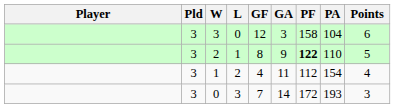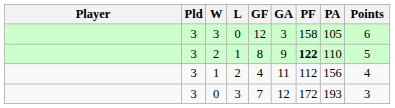 <table class=wikitable style="text-align:center">
 <tr>
 <th width=220>Player</th>
 <th width=20>Pld</th>
 <th width=20>W</th>
 <th width=20>L</th>
 <th width=20>GF</th>
 <th width=20>GA</th>
 <th width=20>PF</th>
 <th width=20>PA</th>
 <th width=50>Points</th>
 </tr>
 <tr bgcolor="#ccffcc">
 <td align=left></td>
 <td>3</td>
 <td>3</td>
 <td>0</td>
 <td>12</td>
 <td>3</td>
 <td>158</td>
-<td>104</td>
+<td>105</td>
 <td>6</td>
 </tr>
 <tr bgcolor="#ccffcc">
 <td align=left></td>
 <td>3</td>
 <td>2</td>
 <td>1</td>
 <td>8</td>
 <td>9</td>
 <td><strong>122</strong></td>
 <td>110</td>
 <td>5</td>
 </tr>
 <tr>
 <td align=left></td>
 <td>3</td>
 <td>1</td>
 <td>2</td>
 <td>4</td>
 <td>11</td>
 <td>112</td>
-<td>154</td>
+<td>156</td>
 <td>4</td>
 </tr>
 <tr>
 <td align=left></td>
 <td>3</td>
 <td>0</td>
 <td>3</td>
 <td>7</td>
-<td>14</td>
+<td>12</td>
 <td>172</td>
 <td>193</td>
 <td>3</td>
 </tr>
 </table>
